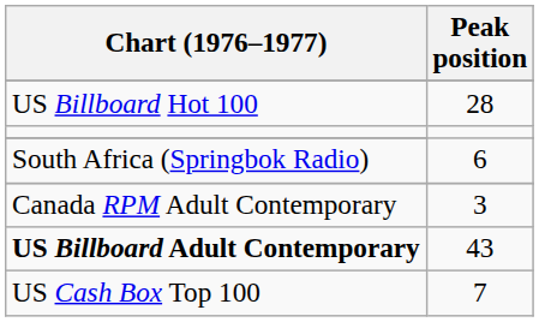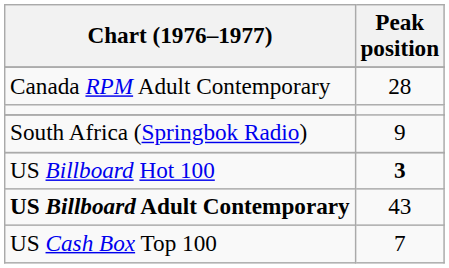 <table class="wikitable sortable">
 <tr>
 <th align="left">Chart (1976–1977)</th>
 <th align="left">Peak<br>position</th>
 </tr>
 <tr>
 </tr>
 <tr>
-<td>US <em><a href='#'>Billboard</a></em> <a href='#'>Hot 100</a></td>
+<td>Canada <em><a href='#'>RPM</a></em> Adult Contemporary</td>
 <td style="text-align:center;">28</td>
 </tr>
 <tr>
 <td></td>
 </tr>
 <tr>
 </tr>
 <tr>
 <td>South Africa (<a href='#'>Springbok Radio</a>)</td>
-<td align="center">6</td>
+<td align="center">9</td>
 </tr>
 <tr>
 </tr>
 <tr>
 </tr>
 <tr>
-<td>Canada <em><a href='#'>RPM</a></em> Adult Contemporary</td>
-<td style="text-align:center;">3</td>
+<td>US <em><a href='#'>Billboard</a></em> <a href='#'>Hot 100</a></td>
+<td style="text-align:center;"><strong>3</strong></td>
 </tr>
 <tr>
 <td><strong>US <em>Billboard</em> Adult Contemporary</strong></td>
 <td style="text-align:center;">43</td>
 </tr>
 <tr>
 <td>US <em><a href='#'>Cash Box</a></em> Top 100</td>
 <td style="text-align:center;">7</td>
 </tr>
 </table>
